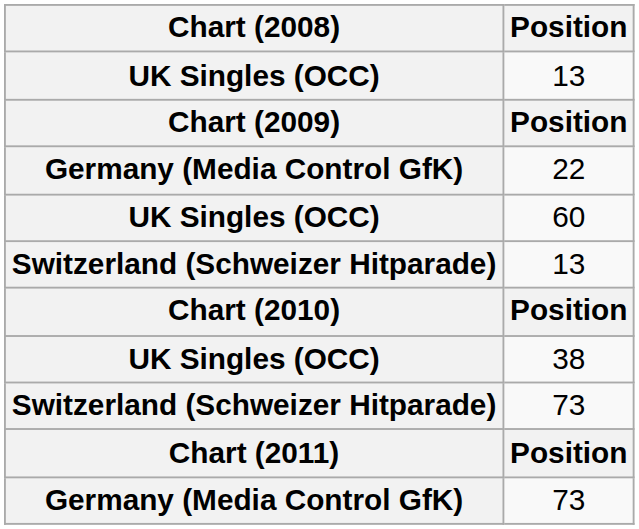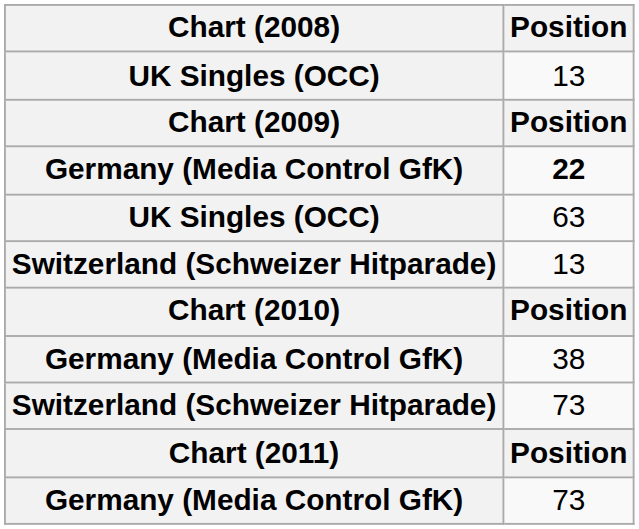 <table class="wikitable plainrowheaders" style="text-align:center">
 <tr>
 <th style="text-align:center;">Chart (2008)</th>
 <th style="text-align:center;">Position</th>
 </tr>
 <tr>
 <th scope="row">UK Singles (OCC)</th>
 <td style="text-align:center;">13</td>
 </tr>
 <tr>
 <th style="text-align:center;">Chart (2009)</th>
 <th style="text-align:center;">Position</th>
 </tr>
 <tr>
 <th scope="row">Germany (Media Control GfK)</th>
-<td style="text-align:center;">22</td>
+<td style="text-align:center;"><strong>22</strong></td>
 </tr>
 <tr>
 <th scope="row">UK Singles (OCC)</th>
-<td style="text-align:center;">60</td>
+<td style="text-align:center;">63</td>
 </tr>
 <tr>
 <th scope="row">Switzerland (Schweizer Hitparade)</th>
 <td style="text-align:center;">13</td>
 </tr>
 <tr>
 <th style="text-align:center;">Chart (2010)</th>
 <th style="text-align:center;">Position</th>
 </tr>
 <tr>
-<th scope="row">UK Singles (OCC)</th>
+<th scope="row">Germany (Media Control GfK)</th>
 <td style="text-align:center;">38</td>
 </tr>
 <tr>
 <th scope="row">Switzerland (Schweizer Hitparade)</th>
 <td style="text-align:center;">73</td>
 </tr>
 <tr>
 <th style="text-align:center;">Chart (2011)</th>
 <th style="text-align:center;">Position</th>
 </tr>
 <tr>
 <th scope="row">Germany (Media Control GfK)</th>
 <td style="text-align:center;">73</td>
 </tr>
 </table>
